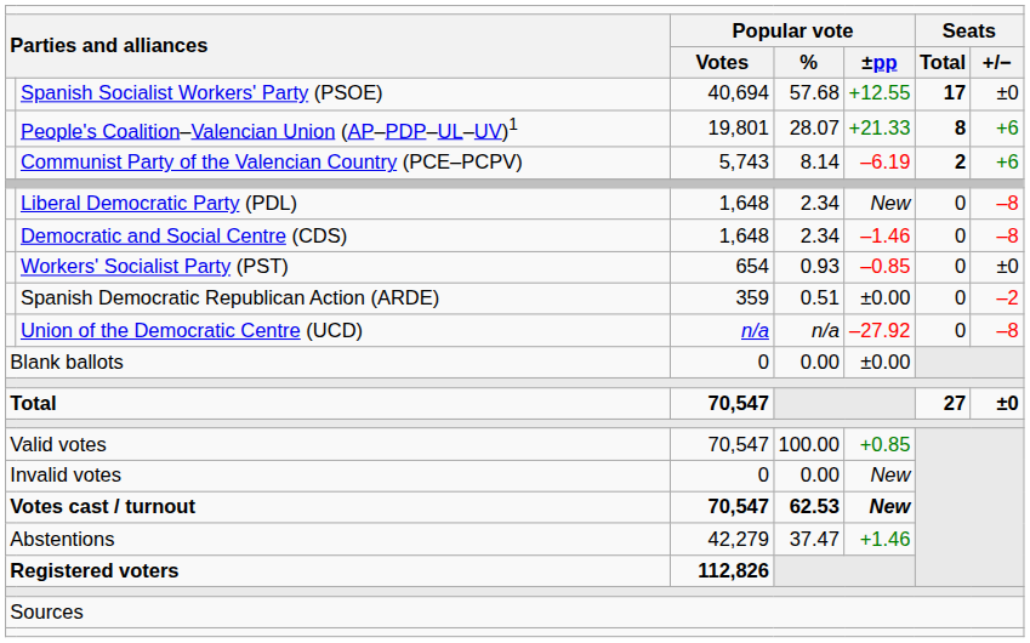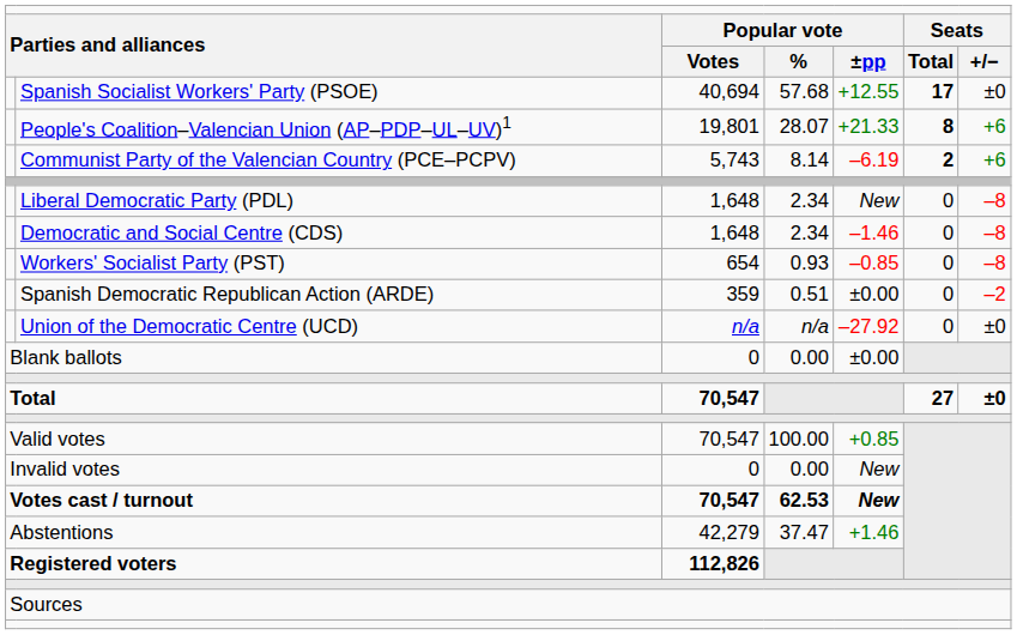 <table class="wikitable" style="text-align:right;">
 <tr>
 <td colspan="7"></td>
 </tr>
 <tr>
 <th style="text-align:left;" rowspan="2" colspan="2" width="525">Parties and alliances</th>
 <th colspan="3">Popular vote</th>
 <th colspan="2">Seats</th>
 </tr>
 <tr>
 <th width="75">Votes</th>
 <th width="45">%</th>
 <th width="45">±<a href='#'>pp</a></th>
 <th width="35">Total</th>
 <th width="35">+/−</th>
 </tr>
 <tr>
 <td width="1" style="color:inherit;background:"></td>
 <td align="left"><a href='#'>Spanish Socialist Workers' Party</a> (PSOE)</td>
 <td>40,694</td>
 <td>57.68</td>
 <td style="color:green;">+12.55</td>
 <td><strong>17</strong></td>
 <td>±0</td>
 </tr>
 <tr>
 <td style="color:inherit;background:"></td>
 <td align="left"><a href='#'>People's Coalition</a>–<a href='#'>Valencian Union</a> (<a href='#'>AP</a>–<a href='#'>PDP</a>–<a href='#'>UL</a>–<a href='#'>UV</a>)<sup>1</sup></td>
 <td>19,801</td>
 <td>28.07</td>
 <td style="color:green;">+21.33</td>
 <td><strong>8</strong></td>
 <td style="color:green;">+6</td>
 </tr>
 <tr>
 <td style="color:inherit;background:"></td>
 <td align="left"><a href='#'>Communist Party of the Valencian Country</a> (PCE–PCPV)</td>
 <td>5,743</td>
 <td>8.14</td>
 <td style="color:red;">–6.19</td>
 <td><strong>2</strong></td>
 <td style="color:green;">+6</td>
 </tr>
 <tr>
 <td colspan="7" bgcolor="#C0C0C0"></td>
 </tr>
 <tr>
 <td style="color:inherit;background:"></td>
 <td align="left"><a href='#'>Liberal Democratic Party</a> (PDL)</td>
 <td>1,648</td>
 <td>2.34</td>
 <td><em>New</em></td>
 <td>0</td>
 <td style="color:red;">–8</td>
 </tr>
 <tr>
 <td style="color:inherit;background:"></td>
 <td align="left"><a href='#'>Democratic and Social Centre</a> (CDS)</td>
 <td>1,648</td>
 <td>2.34</td>
 <td style="color:red;">–1.46</td>
 <td>0</td>
 <td style="color:red;">–8</td>
 </tr>
 <tr>
 <td style="color:inherit;background:"></td>
 <td align="left"><a href='#'>Workers' Socialist Party</a> (PST)</td>
 <td>654</td>
 <td>0.93</td>
 <td style="color:red;">–0.85</td>
 <td>0</td>
-<td>±0</td>
+<td style="color:red;">–8</td>
 </tr>
 <tr>
 <td style="color:inherit;background:"></td>
 <td align="left">Spanish Democratic Republican Action (ARDE)</td>
 <td>359</td>
 <td>0.51</td>
 <td>±0.00</td>
 <td>0</td>
 <td style="color:red;">–2</td>
 </tr>
 <tr>
 <td style="color:inherit;background:"></td>
 <td align="left"><a href='#'>Union of the Democratic Centre</a> (UCD)</td>
 <td><em><a href='#'>n/a</a></em></td>
 <td><em>n/a</em></td>
 <td style="color:red;">–27.92</td>
 <td>0</td>
-<td style="color:red;">–8</td>
+<td>±0</td>
 </tr>
 <tr>
 <td align="left" colspan="2">Blank ballots</td>
 <td>0</td>
 <td>0.00</td>
 <td>±0.00</td>
 <td bgcolor="#E9E9E9" colspan="2"></td>
 </tr>
 <tr>
 <td colspan="7" bgcolor="#E9E9E9"></td>
 </tr>
 <tr style="font-weight:bold;">
 <td align="left" colspan="2">Total</td>
 <td>70,547</td>
 <td bgcolor="#E9E9E9" colspan="2"></td>
 <td>27</td>
 <td>±0</td>
 </tr>
 <tr>
 <td colspan="7" bgcolor="#E9E9E9"></td>
 </tr>
 <tr>
 <td align="left" colspan="2">Valid votes</td>
 <td>70,547</td>
 <td>100.00</td>
 <td style="color:green;">+0.85</td>
 <td bgcolor="#E9E9E9" colspan="2" rowspan="5"></td>
 </tr>
 <tr>
 <td align="left" colspan="2">Invalid votes</td>
 <td>0</td>
 <td>0.00</td>
 <td><em>New</em></td>
 </tr>
 <tr style="font-weight:bold;">
 <td align="left" colspan="2">Votes cast / turnout</td>
 <td>70,547</td>
 <td>62.53</td>
 <td><em>New</em></td>
 </tr>
 <tr>
 <td align="left" colspan="2">Abstentions</td>
 <td>42,279</td>
 <td>37.47</td>
 <td style="color:green;">+1.46</td>
 </tr>
 <tr style="font-weight:bold;">
 <td align="left" colspan="2">Registered voters</td>
 <td>112,826</td>
 <td bgcolor="#E9E9E9" colspan="2"></td>
 </tr>
 <tr>
 <td colspan="7" bgcolor="#E9E9E9"></td>
 </tr>
 <tr>
 <td align="left" colspan="7">Sources</td>
 </tr>
 <tr>
 <td colspan="7" style="text-align:left; max-width:790px;"></td>
 </tr>
 </table>
